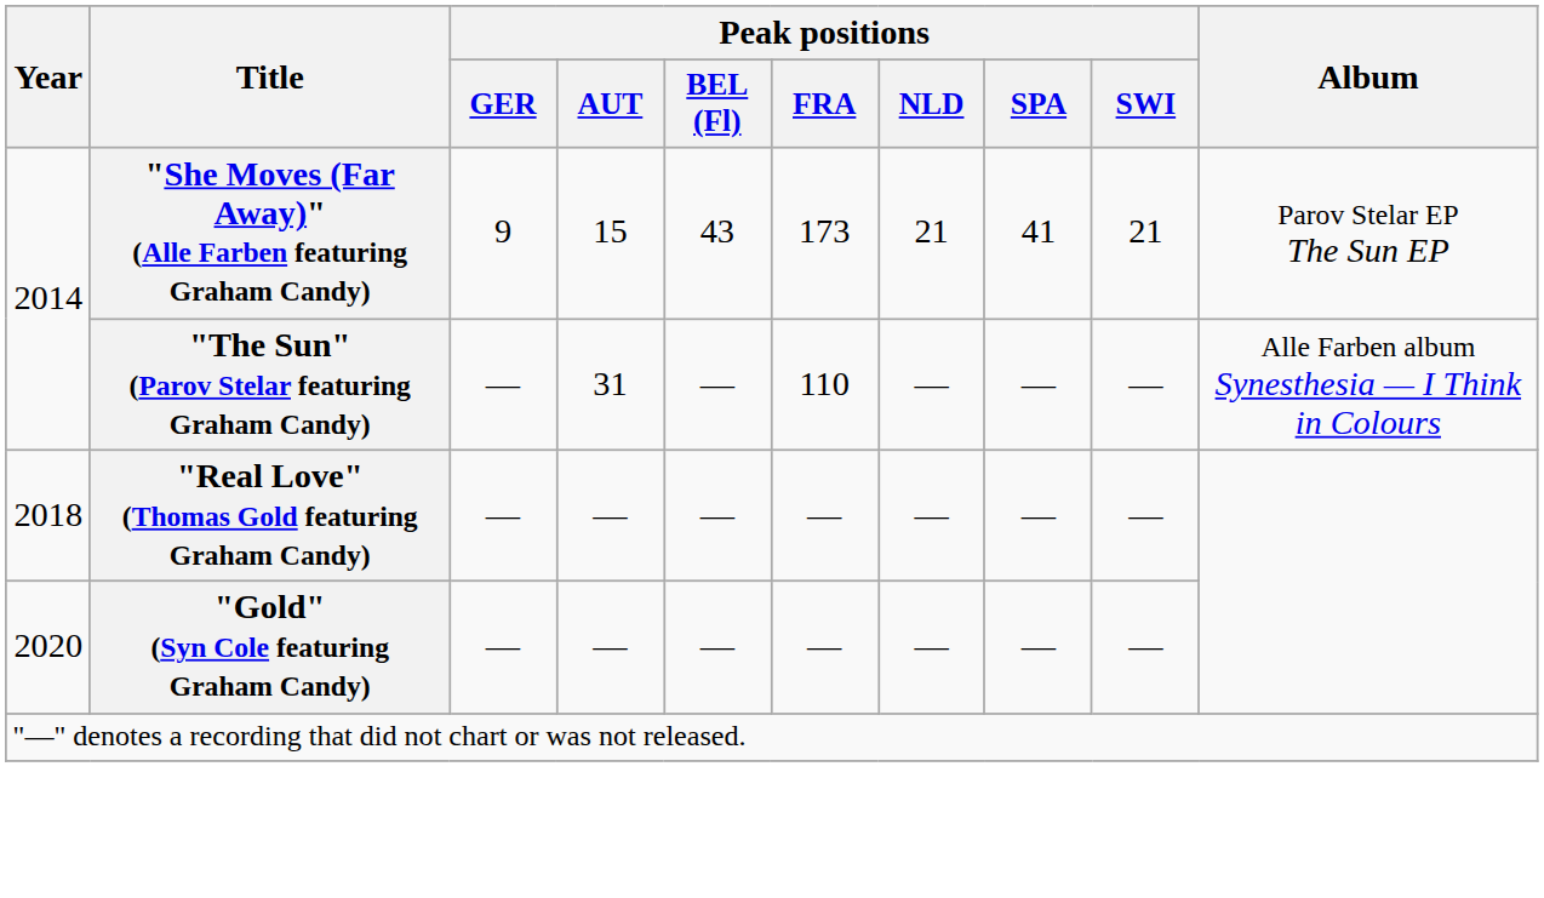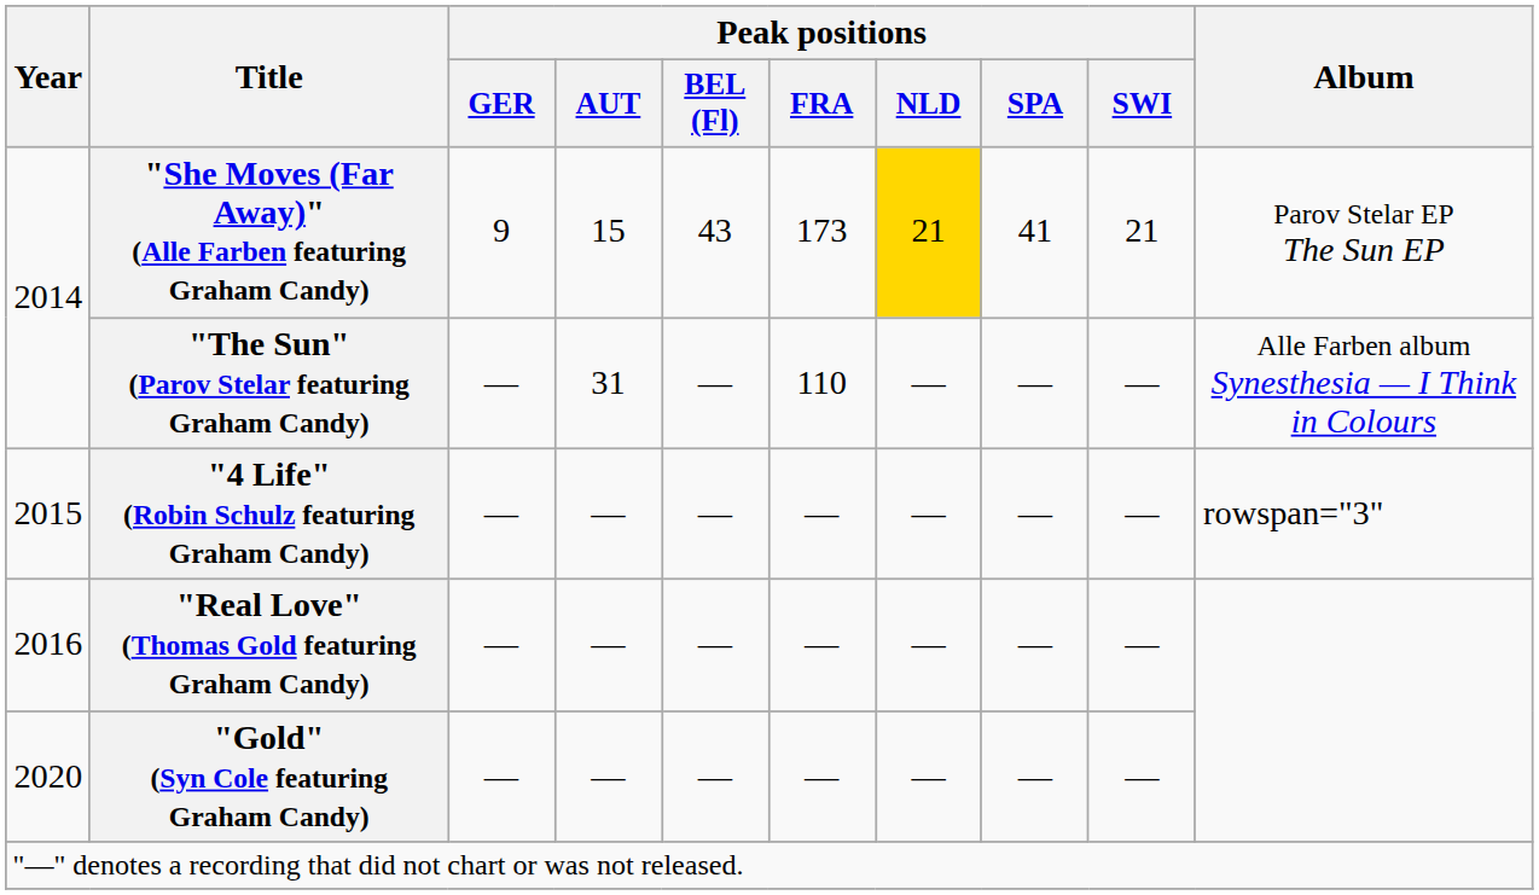 <table class="wikitable plainrowheaders">
 <tr>
 <th align="center" rowspan="2" width="10">Year</th>
 <th align="center" rowspan="2" width="160">Title</th>
 <th align="center" colspan="7" width="20">Peak positions</th>
 <th align="center" rowspan="2" width="150">Album</th>
 </tr>
 <tr>
 <th scope="col" style="width:3em;font-size:90%;"><a href='#'>GER</a><br></th>
 <th scope="col" style="width:3em;font-size:90%;"><a href='#'>AUT</a><br></th>
 <th scope="col" style="width:3em;font-size:90%;"><a href='#'>BEL <br>(Fl)</a><br></th>
 <th scope="col" style="width:3em;font-size:90%;"><a href='#'>FRA</a><br></th>
 <th scope="col" style="width:3em;font-size:90%;"><a href='#'>NLD</a><br></th>
 <th scope="col" style="width:3em;font-size:90%;"><a href='#'>SPA</a><br></th>
 <th scope="col" style="width:3em;font-size:90%;"><a href='#'>SWI</a><br></th>
 </tr>
 <tr>
 <td style="text-align:center;" rowspan=2>2014</td>
 <th scope="row">"<a href='#'>She Moves (Far Away)</a>"<br><small>(<a href='#'>Alle Farben</a> featuring Graham Candy)</small></th>
 <td style="text-align:center;">9</td>
 <td style="text-align:center;">15</td>
 <td style="text-align:center;">43</td>
 <td style="text-align:center;">173</td>
-<td style="text-align:center;">21</td>
+<td style="background: gold; text-align:center;">21</td>
 <td style="text-align:center;">41</td>
 <td style="text-align:center;">21</td>
 <td style="text-align:center;"><small>Parov Stelar EP</small><br><em>The Sun EP</em></td>
 </tr>
 <tr>
 <th scope="row">"The Sun"<br><small>(<a href='#'>Parov Stelar</a> featuring Graham Candy)</small></th>
 <td style="text-align:center;">—</td>
 <td style="text-align:center;">31</td>
 <td style="text-align:center;">—</td>
 <td style="text-align:center;">110</td>
 <td style="text-align:center;">—</td>
 <td style="text-align:center;">—</td>
 <td style="text-align:center;">—</td>
 <td style="text-align:center;"><small>Alle Farben album</small><br><em><a href='#'>Synesthesia — I Think in Colours</a></em></td>
 </tr>
 <tr>
-<td>2018</td>
+<td>2015</td>
+<th scope="row">"4 Life"<br><small>(<a href='#'>Robin Schulz</a> featuring Graham Candy)</small></th>
+<td style="text-align:center;">—</td>
+<td style="text-align:center;">—</td>
+<td style="text-align:center;">—</td>
+<td style="text-align:center;">—</td>
+<td style="text-align:center;">—</td>
+<td style="text-align:center;">—</td>
+<td style="text-align:center;">—</td>
+<td>rowspan="3" </td>
+</tr>
+<tr>
+<td>2016</td>
 <th scope="row">"Real Love" <br><small>(<a href='#'>Thomas Gold</a> featuring Graham Candy)</small></th>
 <td style="text-align:center;">—</td>
 <td style="text-align:center;">—</td>
 <td style="text-align:center;">—</td>
 <td style="text-align:center;">—</td>
 <td style="text-align:center;">—</td>
 <td style="text-align:center;">—</td>
 <td style="text-align:center;">—</td>
 </tr>
 <tr>
 <td>2020</td>
 <th scope="row">"Gold" <br><small>(<a href='#'>Syn Cole</a> featuring Graham Candy)</small></th>
 <td style="text-align:center;">—</td>
 <td style="text-align:center;">—</td>
 <td style="text-align:center;">—</td>
 <td style="text-align:center;">—</td>
 <td style="text-align:center;">—</td>
 <td style="text-align:center;">—</td>
 <td style="text-align:center;">—</td>
 </tr>
 <tr>
 <td colspan="10" style="font-size:85%">"—" denotes a recording that did not chart or was not released.</td>
 </tr>
 </table>
